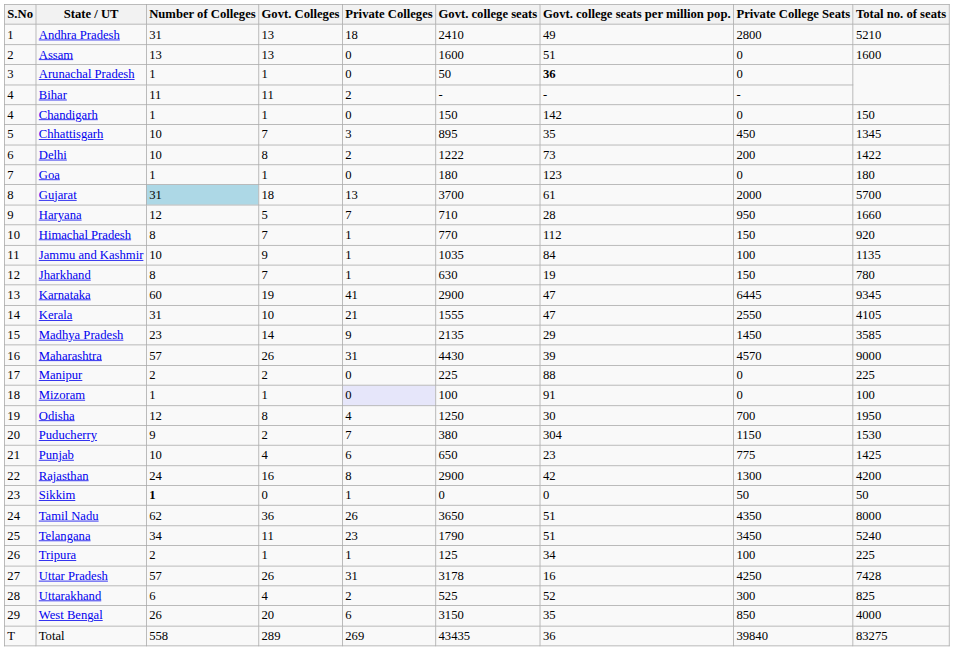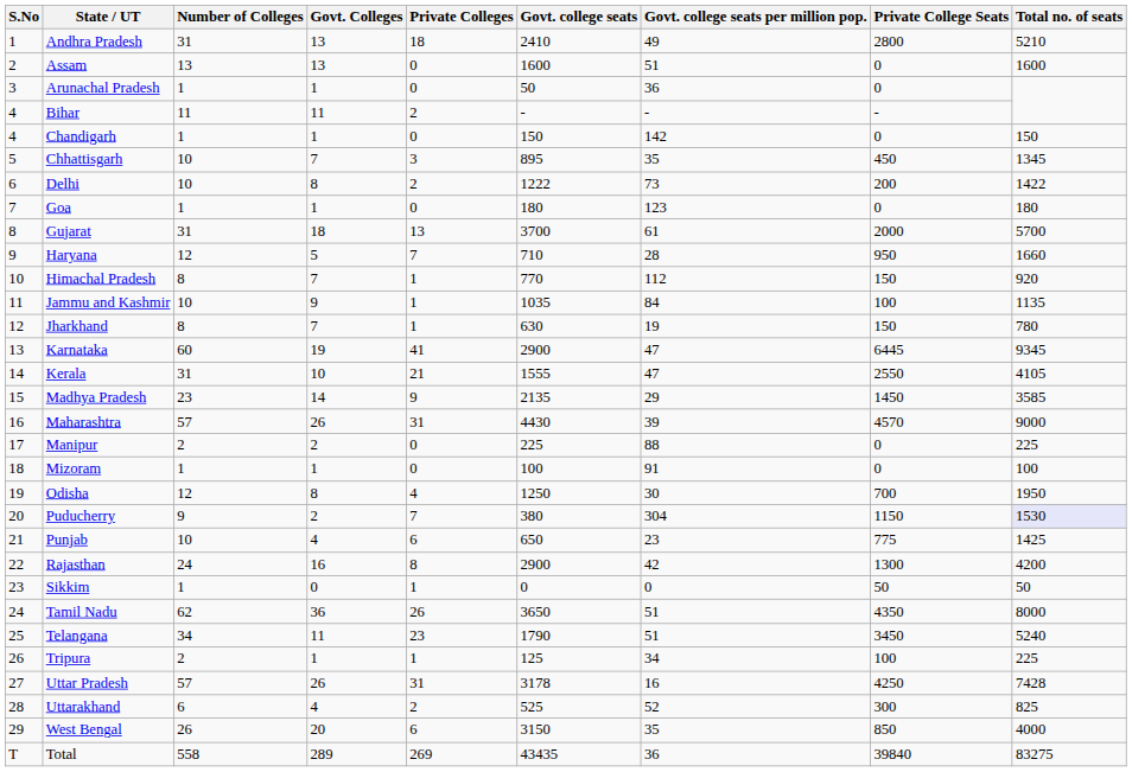 <table class="wikitable sortable">
 <tr>
 <th>S.No</th>
 <th>State / UT</th>
 <th>Number of Colleges</th>
 <th>Govt. Colleges</th>
 <th>Private Colleges</th>
 <th>Govt. college seats</th>
 <th>Govt. college seats per million pop.</th>
 <th>Private College Seats</th>
 <th>Total no. of seats</th>
 </tr>
 <tr>
 <td>1</td>
 <td><a href='#'>Andhra Pradesh</a></td>
 <td>31</td>
 <td>13</td>
 <td>18</td>
 <td>2410</td>
 <td>49</td>
 <td>2800</td>
 <td>5210</td>
 </tr>
 <tr>
 <td>2</td>
 <td><a href='#'>Assam</a></td>
 <td>13</td>
 <td>13</td>
 <td>0</td>
 <td>1600</td>
 <td>51</td>
 <td>0</td>
 <td>1600</td>
 </tr>
 <tr>
 <td>3</td>
 <td><a href='#'>Arunachal Pradesh</a></td>
 <td>1</td>
 <td>1</td>
 <td>0</td>
 <td>50</td>
-<td><strong>36</strong></td>
+<td>36</td>
 <td>0</td>
 </tr>
 <tr>
 <td>4</td>
 <td><a href='#'>Bihar</a></td>
 <td>11</td>
 <td>11</td>
 <td>2</td>
 <td>-</td>
 <td>-</td>
 <td>-</td>
 </tr>
 <tr>
 <td>4</td>
 <td><a href='#'>Chandigarh</a></td>
 <td>1</td>
 <td>1</td>
 <td>0</td>
 <td>150</td>
 <td>142</td>
 <td>0</td>
 <td>150</td>
 </tr>
 <tr>
 <td>5</td>
 <td><a href='#'>Chhattisgarh</a></td>
 <td>10</td>
 <td>7</td>
 <td>3</td>
 <td>895</td>
 <td>35</td>
 <td>450</td>
 <td>1345</td>
 </tr>
 <tr>
 <td>6</td>
 <td><a href='#'>Delhi</a></td>
 <td>10</td>
 <td>8</td>
 <td>2</td>
 <td>1222</td>
 <td>73</td>
 <td>200</td>
 <td>1422</td>
 </tr>
 <tr>
 <td>7</td>
 <td><a href='#'>Goa</a></td>
 <td>1</td>
 <td>1</td>
 <td>0</td>
 <td>180</td>
 <td>123</td>
 <td>0</td>
 <td>180</td>
 </tr>
 <tr>
 <td>8</td>
 <td><a href='#'>Gujarat</a></td>
-<td style="background: lightblue;">31</td>
+<td>31</td>
 <td>18</td>
 <td>13</td>
 <td>3700</td>
 <td>61</td>
 <td>2000</td>
 <td>5700</td>
 </tr>
 <tr>
 <td>9</td>
 <td><a href='#'>Haryana</a></td>
 <td>12</td>
 <td>5</td>
 <td>7</td>
 <td>710</td>
 <td>28</td>
 <td>950</td>
 <td>1660</td>
 </tr>
 <tr>
 <td>10</td>
 <td><a href='#'>Himachal Pradesh</a></td>
 <td>8</td>
 <td>7</td>
 <td>1</td>
 <td>770</td>
 <td>112</td>
 <td>150</td>
 <td>920</td>
 </tr>
 <tr>
 <td>11</td>
 <td><a href='#'>Jammu and Kashmir</a></td>
 <td>10</td>
 <td>9</td>
 <td>1</td>
 <td>1035</td>
 <td>84</td>
 <td>100</td>
 <td>1135</td>
 </tr>
 <tr>
 <td>12</td>
 <td><a href='#'>Jharkhand</a></td>
 <td>8</td>
 <td>7</td>
 <td>1</td>
 <td>630</td>
 <td>19</td>
 <td>150</td>
 <td>780</td>
 </tr>
 <tr>
 <td>13</td>
 <td><a href='#'>Karnataka</a></td>
 <td>60</td>
 <td>19</td>
 <td>41</td>
 <td>2900</td>
 <td>47</td>
 <td>6445</td>
 <td>9345</td>
 </tr>
 <tr>
 <td>14</td>
 <td><a href='#'>Kerala</a></td>
 <td>31</td>
 <td>10</td>
 <td>21</td>
 <td>1555</td>
 <td>47</td>
 <td>2550</td>
 <td>4105</td>
 </tr>
 <tr>
 <td>15</td>
 <td><a href='#'>Madhya Pradesh</a></td>
 <td>23</td>
 <td>14</td>
 <td>9</td>
 <td>2135</td>
 <td>29</td>
 <td>1450</td>
 <td>3585</td>
 </tr>
 <tr>
 <td>16</td>
 <td><a href='#'>Maharashtra</a></td>
 <td>57</td>
 <td>26</td>
 <td>31</td>
 <td>4430</td>
 <td>39</td>
 <td>4570</td>
 <td>9000</td>
 </tr>
 <tr>
 <td>17</td>
 <td><a href='#'>Manipur</a></td>
 <td>2</td>
 <td>2</td>
 <td>0</td>
 <td>225</td>
 <td>88</td>
 <td>0</td>
 <td>225</td>
 </tr>
 <tr>
 <td>18</td>
 <td><a href='#'>Mizoram</a></td>
 <td>1</td>
 <td>1</td>
-<td style="background: lavender;">0</td>
+<td>0</td>
 <td>100</td>
 <td>91</td>
 <td>0</td>
 <td>100</td>
 </tr>
 <tr>
 <td>19</td>
 <td><a href='#'>Odisha</a></td>
 <td>12</td>
 <td>8</td>
 <td>4</td>
 <td>1250</td>
 <td>30</td>
 <td>700</td>
 <td>1950</td>
 </tr>
 <tr>
 <td>20</td>
 <td><a href='#'>Puducherry</a></td>
 <td>9</td>
 <td>2</td>
 <td>7</td>
 <td>380</td>
 <td>304</td>
 <td>1150</td>
-<td>1530</td>
+<td style="background: lavender;">1530</td>
 </tr>
 <tr>
 <td>21</td>
 <td><a href='#'>Punjab</a></td>
 <td>10</td>
 <td>4</td>
 <td>6</td>
 <td>650</td>
 <td>23</td>
 <td>775</td>
 <td>1425</td>
 </tr>
 <tr>
 <td>22</td>
 <td><a href='#'>Rajasthan</a></td>
 <td>24</td>
 <td>16</td>
 <td>8</td>
 <td>2900</td>
 <td>42</td>
 <td>1300</td>
 <td>4200</td>
 </tr>
 <tr>
 <td>23</td>
 <td><a href='#'>Sikkim</a></td>
-<td><strong>1</strong></td>
+<td>1</td>
 <td>0</td>
 <td>1</td>
 <td>0</td>
 <td>0</td>
 <td>50</td>
 <td>50</td>
 </tr>
 <tr>
 <td>24</td>
 <td><a href='#'>Tamil Nadu</a></td>
 <td>62</td>
 <td>36</td>
 <td>26</td>
 <td>3650</td>
 <td>51</td>
 <td>4350</td>
 <td>8000</td>
 </tr>
 <tr>
 <td>25</td>
 <td><a href='#'>Telangana</a></td>
 <td>34</td>
 <td>11</td>
 <td>23</td>
 <td>1790</td>
 <td>51</td>
 <td>3450</td>
 <td>5240</td>
 </tr>
 <tr>
 <td>26</td>
 <td><a href='#'>Tripura</a></td>
 <td>2</td>
 <td>1</td>
 <td>1</td>
 <td>125</td>
 <td>34</td>
 <td>100</td>
 <td>225</td>
 </tr>
 <tr>
 <td>27</td>
 <td><a href='#'>Uttar Pradesh</a></td>
 <td>57</td>
 <td>26</td>
 <td>31</td>
 <td>3178</td>
 <td>16</td>
 <td>4250</td>
 <td>7428</td>
 </tr>
 <tr>
 <td>28</td>
 <td><a href='#'>Uttarakhand</a></td>
 <td>6</td>
 <td>4</td>
 <td>2</td>
 <td>525</td>
 <td>52</td>
 <td>300</td>
 <td>825</td>
 </tr>
 <tr>
 <td>29</td>
 <td><a href='#'>West Bengal</a></td>
 <td>26</td>
 <td>20</td>
 <td>6</td>
 <td>3150</td>
 <td>35</td>
 <td>850</td>
 <td>4000</td>
 </tr>
 <tr>
 <td>T</td>
 <td>Total</td>
 <td>558</td>
 <td>289</td>
 <td>269</td>
 <td>43435</td>
 <td>36</td>
 <td>39840</td>
 <td>83275</td>
 </tr>
 </table>
